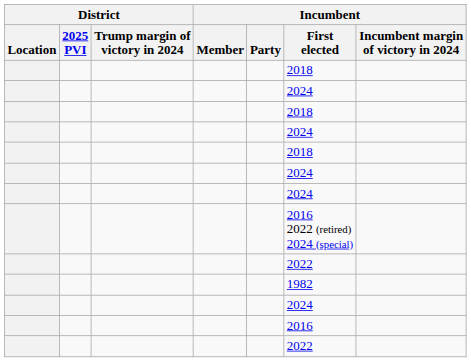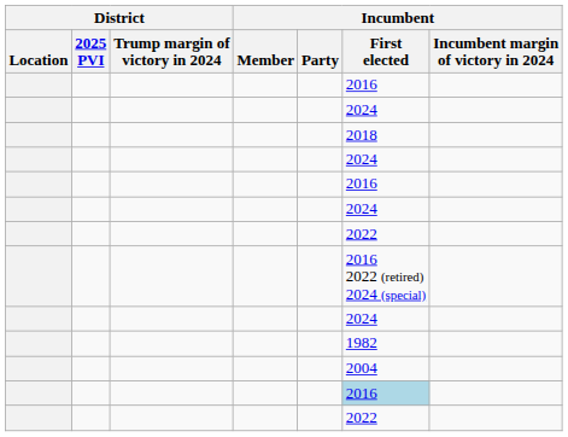 <table class="wikitable sortable">
 <tr>
 <th colspan=3>District</th>
 <th colspan="4">Incumbent</th>
 </tr>
 <tr valign=bottom>
 <th>Location</th>
 <th><a href='#'>2025<br>PVI</a></th>
 <th>Trump margin of<br>victory in 2024</th>
 <th>Member</th>
 <th>Party</th>
 <th>First<br>elected</th>
 <th>Incumbent margin<br>of victory in 2024</th>
 </tr>
 <tr>
 <th></th>
 <td></td>
 <td></td>
 <td></td>
 <td></td>
-<td><a href='#'>2018</a></td>
+<td><a href='#'>2016</a></td>
 <td></td>
 </tr>
 <tr>
 <th></th>
 <td></td>
 <td></td>
 <td></td>
 <td></td>
 <td><a href='#'>2024</a></td>
 <td></td>
 </tr>
 <tr>
 <th></th>
 <td></td>
 <td></td>
 <td></td>
 <td></td>
 <td><a href='#'>2018</a></td>
 <td></td>
 </tr>
 <tr>
 <th></th>
 <td></td>
 <td></td>
 <td></td>
 <td></td>
 <td><a href='#'>2024</a></td>
 <td></td>
 </tr>
 <tr>
 <th></th>
 <td></td>
 <td></td>
 <td></td>
 <td></td>
-<td><a href='#'>2018</a></td>
+<td><a href='#'>2016</a></td>
 <td></td>
 </tr>
 <tr>
 <th></th>
 <td></td>
 <td></td>
 <td></td>
 <td></td>
 <td><a href='#'>2024</a></td>
 <td></td>
 </tr>
 <tr>
 <th></th>
 <td></td>
 <td></td>
 <td></td>
 <td></td>
-<td><a href='#'>2024</a></td>
+<td><a href='#'>2022</a></td>
 <td></td>
 </tr>
 <tr>
 <th></th>
 <td></td>
 <td></td>
 <td></td>
 <td></td>
 <td><a href='#'>2016</a><br>2022 <small>(retired)</small><br><a href='#'>2024 <small>(special)</small></a></td>
 <td></td>
 </tr>
 <tr>
 <th></th>
 <td></td>
 <td></td>
 <td></td>
 <td></td>
-<td><a href='#'>2022</a></td>
+<td><a href='#'>2024</a></td>
 <td></td>
 </tr>
 <tr>
 <th></th>
 <td></td>
 <td></td>
 <td></td>
 <td></td>
 <td><a href='#'>1982</a></td>
 <td></td>
 </tr>
 <tr>
 <th></th>
 <td></td>
 <td></td>
 <td></td>
 <td></td>
-<td><a href='#'>2024</a></td>
+<td><a href='#'>2004</a></td>
 <td></td>
 </tr>
 <tr>
 <th></th>
 <td></td>
 <td></td>
 <td></td>
 <td></td>
-<td><a href='#'>2016</a></td>
+<td style="background: lightblue;"><a href='#'>2016</a></td>
 <td></td>
 </tr>
 <tr>
 <th></th>
 <td></td>
 <td></td>
 <td></td>
 <td></td>
 <td><a href='#'>2022</a></td>
 <td></td>
 </tr>
 </table>
